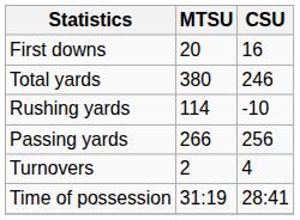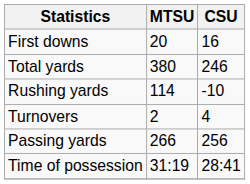 <table class="wikitable">
 <tr>
 <th>Statistics</th>
 <th>MTSU</th>
 <th>CSU</th>
 </tr>
 <tr>
 <td>First downs</td>
 <td>20</td>
 <td>16</td>
 </tr>
 <tr>
 <td>Total yards</td>
 <td>380</td>
 <td>246</td>
 </tr>
 <tr>
 <td>Rushing yards</td>
 <td>114</td>
 <td>-10</td>
 </tr>
 <tr>
+<td>Turnovers</td>
+<td>2</td>
+<td>4</td>
+</tr>
+<tr>
 <td>Passing yards</td>
 <td>266</td>
 <td>256</td>
-</tr>
-<tr>
-<td>Turnovers</td>
-<td>2</td>
-<td>4</td>
 </tr>
 <tr>
 <td>Time of possession</td>
 <td>31:19</td>
 <td>28:41</td>
 </tr>
 <tr>
 </tr>
 </table>
